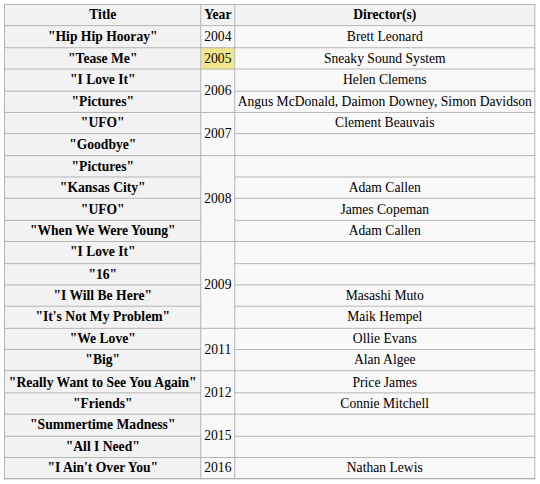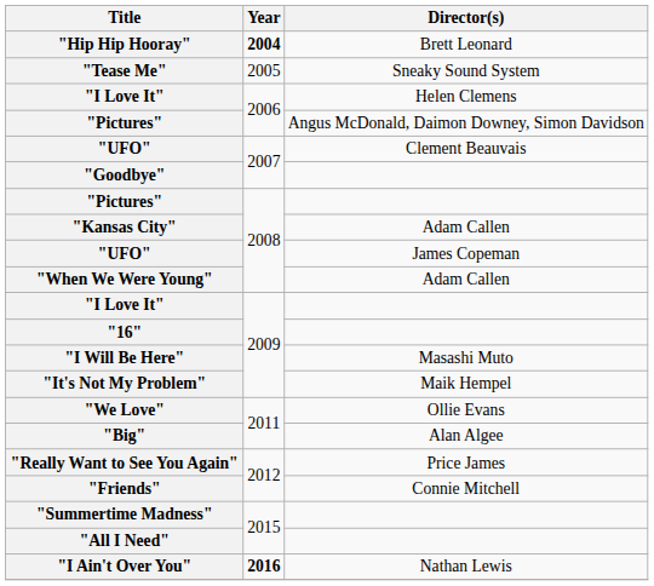 <table class="wikitable plainrowheaders" style="text-align:center;">
 <tr>
 <th scope="col" style="width:14em;">Title</th>
 <th scope="col">Year</th>
 <th scope="col">Director(s)</th>
 </tr>
 <tr>
 <th scope="row">"Hip Hip Hooray"</th>
-<td>2004</td>
+<td><strong>2004</strong></td>
 <td>Brett Leonard</td>
 </tr>
 <tr>
 <th scope="row">"Tease Me"</th>
-<td style="background: khaki;">2005</td>
+<td>2005</td>
 <td>Sneaky Sound System</td>
 </tr>
 <tr>
 <th scope="row">"I Love It"</th>
 <td rowspan="2">2006</td>
 <td>Helen Clemens</td>
 </tr>
 <tr>
 <th scope="row">"Pictures"</th>
 <td>Angus McDonald, Daimon Downey, Simon Davidson</td>
 </tr>
 <tr>
 <th scope="row">"UFO"</th>
 <td rowspan="2">2007</td>
 <td>Clement Beauvais</td>
 </tr>
 <tr>
 <th scope="row">"Goodbye"</th>
 <td></td>
 </tr>
 <tr>
 <th scope="row">"Pictures"<br></th>
 <td rowspan="4">2008</td>
 <td></td>
 </tr>
 <tr>
 <th scope="row">"Kansas City"</th>
 <td>Adam Callen</td>
 </tr>
 <tr>
 <th scope="row">"UFO"<br></th>
 <td>James Copeman</td>
 </tr>
 <tr>
 <th scope="row">"When We Were Young"</th>
 <td>Adam Callen</td>
 </tr>
 <tr>
 <th scope="row">"I Love It"<br></th>
 <td rowspan="4">2009</td>
 <td></td>
 </tr>
 <tr>
 <th scope="row">"16"</th>
 <td></td>
 </tr>
 <tr>
 <th scope="row">"I Will Be Here"<br></th>
 <td>Masashi Muto</td>
 </tr>
 <tr>
 <th scope="row">"It's Not My Problem"</th>
 <td>Maik Hempel</td>
 </tr>
 <tr>
 <th scope="row">"We Love"</th>
 <td rowspan="2">2011</td>
 <td>Ollie Evans</td>
 </tr>
 <tr>
 <th scope="row">"Big"</th>
 <td>Alan Algee</td>
 </tr>
 <tr>
 <th scope="row">"Really Want to See You Again"</th>
 <td rowspan="2">2012</td>
 <td>Price James</td>
 </tr>
 <tr>
 <th scope="row">"Friends"</th>
 <td>Connie Mitchell</td>
 </tr>
 <tr>
 <th scope="row">"Summertime Madness"</th>
 <td rowspan="2">2015</td>
 <td></td>
 </tr>
 <tr>
 <th scope="row">"All I Need"</th>
 <td></td>
 </tr>
 <tr>
 <th scope="row">"I Ain't Over You"</th>
-<td>2016</td>
+<td><strong>2016</strong></td>
 <td>Nathan Lewis</td>
 </tr>
 <tr>
 </tr>
 </table>
